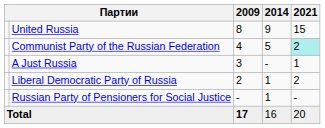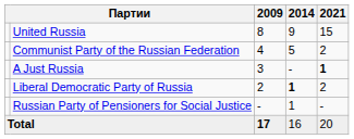 <table class="wikitable">
 <tr style="background:#efefef;">
 <th Colspan=2><strong>Партии</strong></th>
 <th><strong>2009</strong></th>
 <th><strong>2014</strong></th>
 <th>2021</th>
 </tr>
 <tr>
 <td></td>
 <td><a href='#'>United Russia</a></td>
 <td>8</td>
 <td>9</td>
 <td>15</td>
 </tr>
 <tr>
 <td></td>
 <td><a href='#'>Communist Party of the Russian Federation</a></td>
 <td>4</td>
 <td>5</td>
-<td style="background: paleturquoise;">2</td>
+<td>2</td>
 </tr>
 <tr>
 <td></td>
 <td><a href='#'>A Just Russia</a></td>
 <td>3</td>
 <td>-</td>
-<td>1</td>
+<td><strong>1</strong></td>
 </tr>
 <tr>
 <td></td>
 <td><a href='#'>Liberal Democratic Party of Russia</a></td>
 <td>2</td>
-<td>1</td>
+<td><strong>1</strong></td>
 <td>2</td>
 </tr>
 <tr>
 <td></td>
 <td><a href='#'>Russian Party of Pensioners for Social Justice</a></td>
 <td>-</td>
 <td>1</td>
 <td>-</td>
 </tr>
 <tr style="background:#efefef;">
 <td Colspan=2><strong>Total</strong></td>
 <td><strong>17</strong></td>
 <td>16</td>
 <td>20</td>
 </tr>
 </table>
